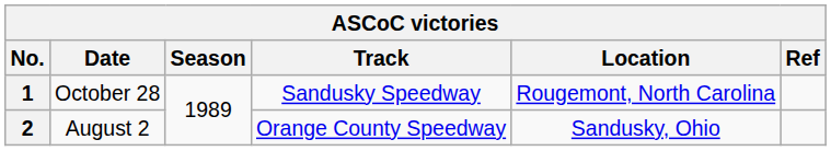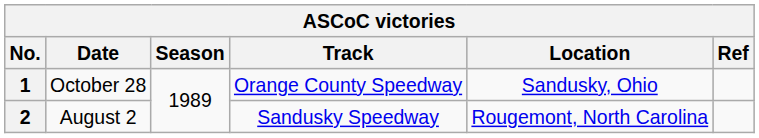 <table class="wikitable collapsible collapsed" style="text-align:center; font-size:80%">
 <tr>
 <th colspan=45>ASCoC victories</th>
 </tr>
 <tr>
 <th scope="col">No.</th>
 <th scope="col">Date</th>
 <th scope="col">Season</th>
 <th scope="col">Track</th>
 <th scope="col">Location</th>
 <th scope="col">Ref</th>
 </tr>
 <tr>
 <th scope="row">1</th>
 <td>October 28</td>
 <td rowspan=2>1989</td>
-<td><a href='#'>Sandusky Speedway</a></td>
-<td><a href='#'>Rougemont, North Carolina</a></td>
+<td><a href='#'>Orange County Speedway</a></td>
+<td><a href='#'>Sandusky, Ohio</a></td>
 <td rowspan=1></td>
 </tr>
 <tr>
 <th scope="row">2</th>
 <td>August 2</td>
-<td><a href='#'>Orange County Speedway</a></td>
-<td><a href='#'>Sandusky, Ohio</a></td>
+<td><a href='#'>Sandusky Speedway</a></td>
+<td><a href='#'>Rougemont, North Carolina</a></td>
 <td rowspan=1></td>
 </tr>
 </table>
